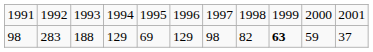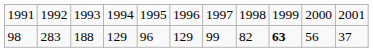 <table class = "wikitable">
 <tr>
 <td>1991</td>
 <td>1992</td>
 <td>1993</td>
 <td>1994</td>
 <td>1995</td>
 <td>1996</td>
 <td>1997</td>
 <td>1998</td>
 <td>1999</td>
 <td>2000</td>
 <td>2001</td>
 </tr>
 <tr>
 <td>98</td>
 <td>283</td>
 <td>188</td>
 <td>129</td>
-<td>69</td>
+<td>96</td>
 <td>129</td>
-<td>98</td>
+<td>99</td>
 <td>82</td>
 <td><strong>63</strong></td>
-<td>59</td>
+<td>56</td>
 <td>37</td>
 </tr>
 </table>
